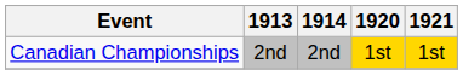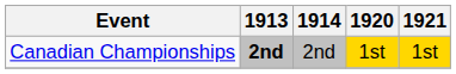 <table class="wikitable">
 <tr>
 <th>Event</th>
 <th>1913</th>
 <th>1914</th>
 <th>1920</th>
 <th>1921</th>
 </tr>
 <tr>
 <td><a href='#'>Canadian Championships</a></td>
-<td align="center" bgcolor="silver">2nd</td>
+<td align="center" bgcolor="silver"><strong>2nd</strong></td>
 <td align="center" bgcolor="silver">2nd</td>
 <td align="center" bgcolor="gold">1st</td>
 <td align="center" bgcolor="gold">1st</td>
 </tr>
 <tr>
 </tr>
 </table>
